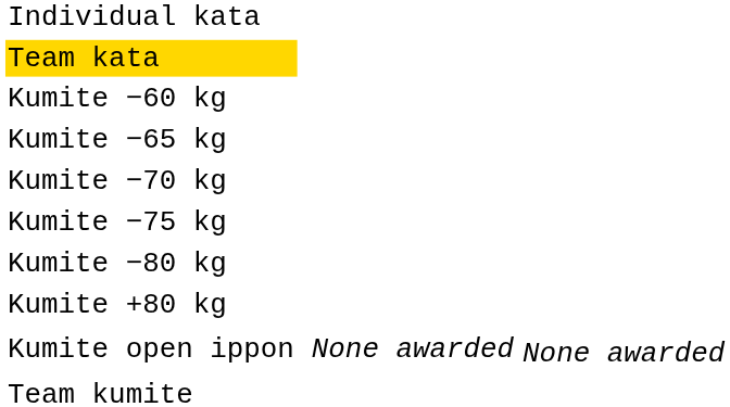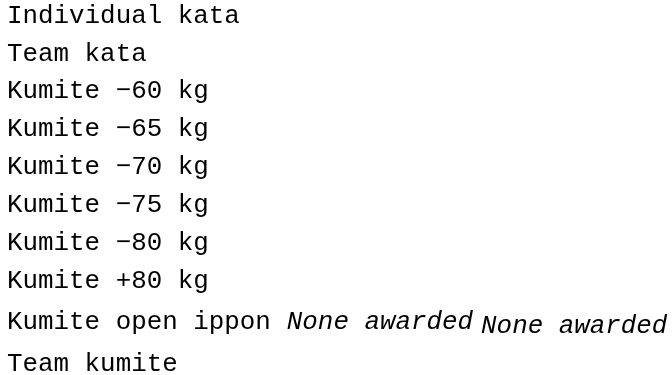 <table>
 <tr>
 <td>Individual kata</td>
 <td></td>
 <td></td>
 <td></td>
 </tr>
 <tr>
-<td style="background: gold;">Team kata</td>
+<td>Team kata</td>
 <td></td>
 <td></td>
 <td></td>
 </tr>
 <tr>
 <td rowspan=2>Kumite −60 kg</td>
 <td rowspan=2></td>
 <td rowspan=2></td>
 <td></td>
 </tr>
 <tr>
 <td></td>
 </tr>
 <tr>
 <td rowspan=2>Kumite −65 kg</td>
 <td rowspan=2></td>
 <td rowspan=2></td>
 <td></td>
 </tr>
 <tr>
 <td></td>
 </tr>
 <tr>
 <td rowspan=2>Kumite −70 kg</td>
 <td rowspan=2></td>
 <td rowspan=2></td>
 <td></td>
 </tr>
 <tr>
 <td></td>
 </tr>
 <tr>
 <td rowspan=2>Kumite −75 kg</td>
 <td rowspan=2></td>
 <td rowspan=2></td>
 <td></td>
 </tr>
 <tr>
 <td></td>
 </tr>
 <tr>
 <td rowspan=2>Kumite −80 kg</td>
 <td rowspan=2></td>
 <td rowspan=2></td>
 <td></td>
 </tr>
 <tr>
 <td></td>
 </tr>
 <tr>
 <td rowspan=2>Kumite +80 kg</td>
 <td rowspan=2></td>
 <td rowspan=2></td>
 <td></td>
 </tr>
 <tr>
 <td></td>
 </tr>
 <tr>
 <td rowspan=2>Kumite open ippon</td>
 <td rowspan=2></td>
 <td rowspan=2><em>None awarded</em></td>
 <td></td>
 </tr>
 <tr>
 <td><em>None awarded</em></td>
 </tr>
 <tr>
 <td rowspan=2>Team kumite</td>
 <td rowspan=2></td>
 <td rowspan=2></td>
 <td></td>
 </tr>
 <tr>
 <td></td>
 </tr>
 </table>
